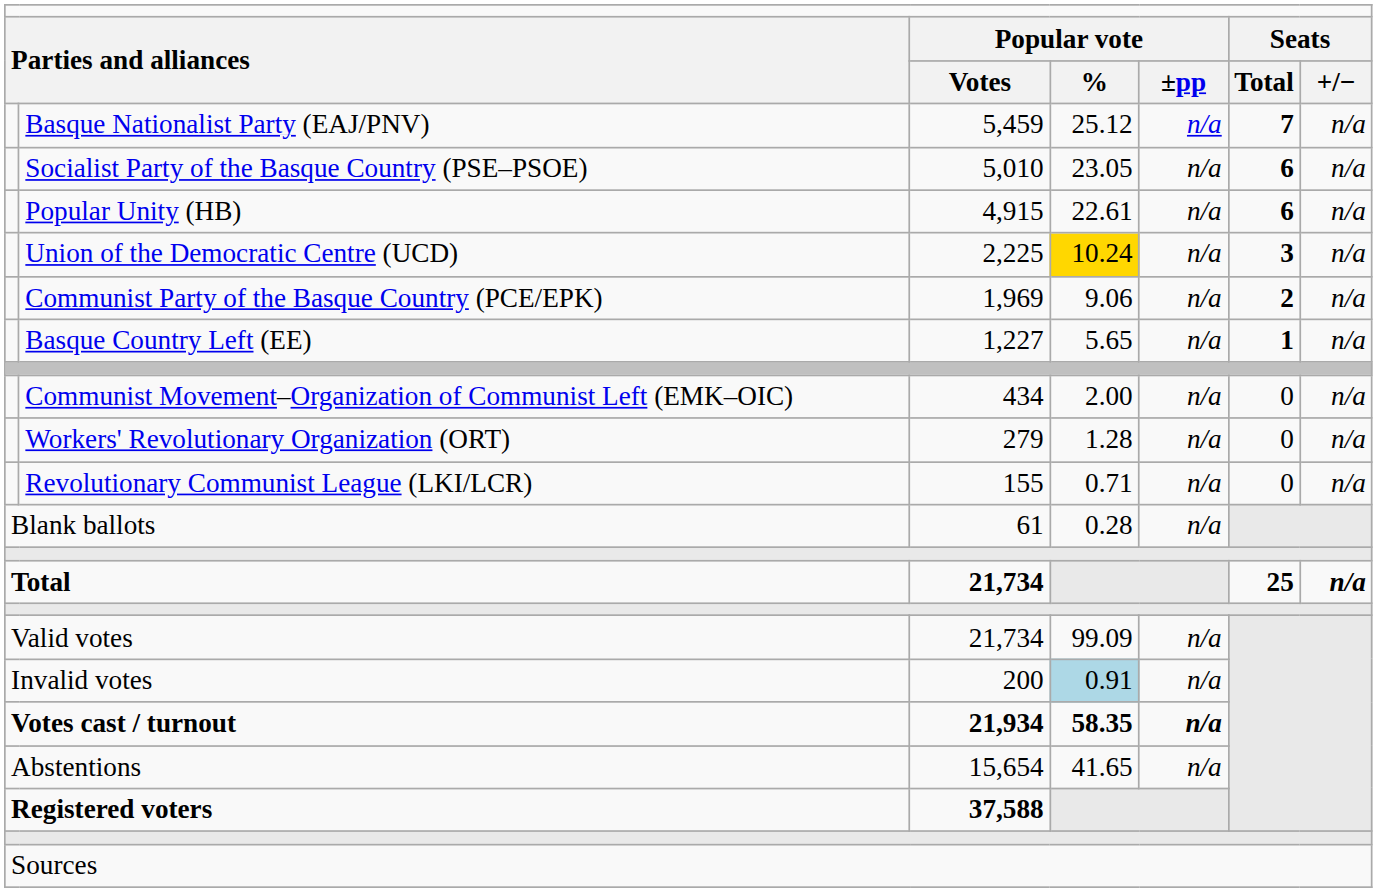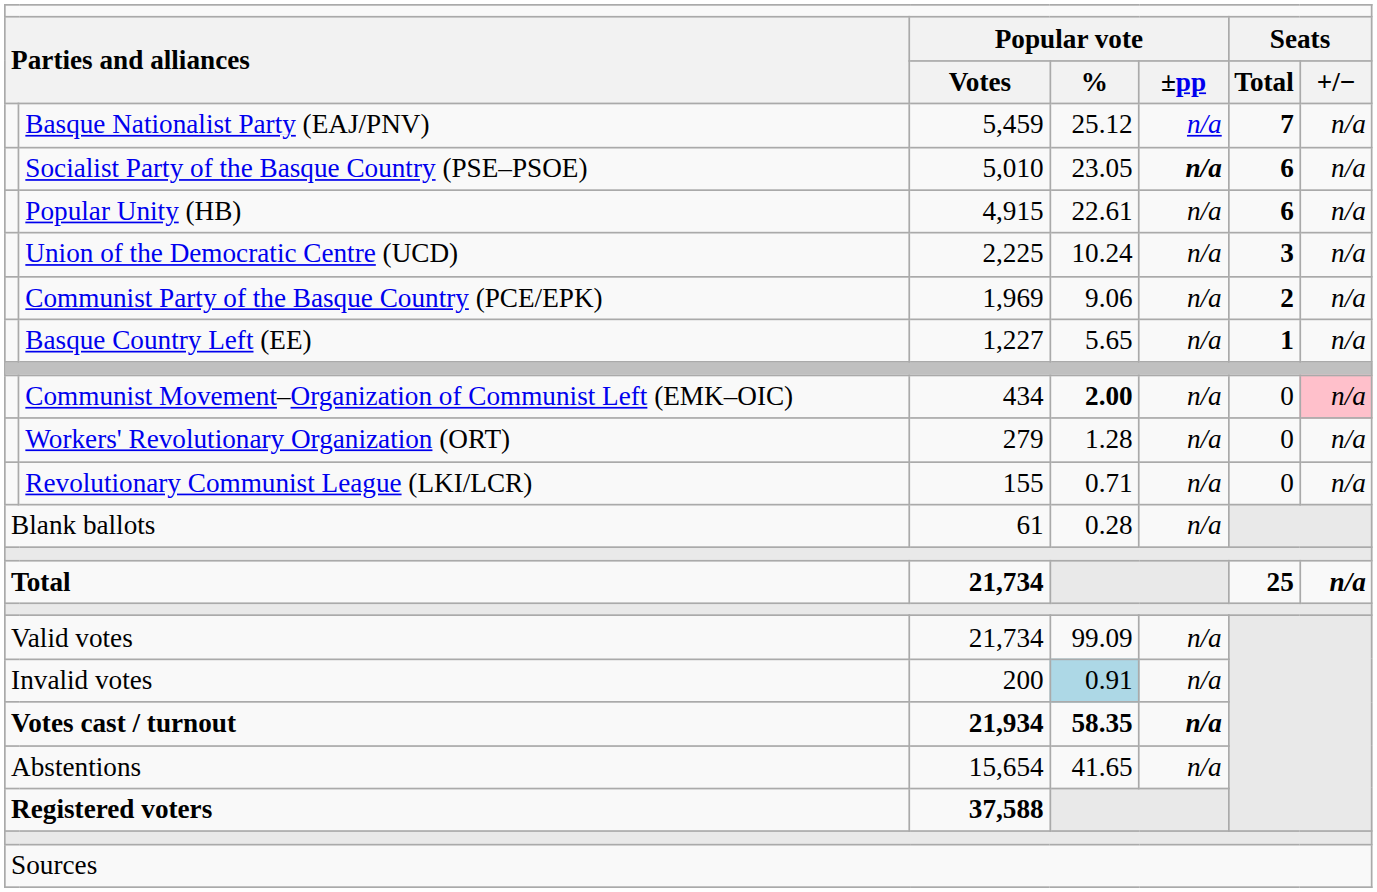 <table class="wikitable" style="text-align:right;">
 <tr>
 <td colspan="7"></td>
 </tr>
 <tr>
 <th style="text-align:left;" rowspan="2" colspan="2" width="525">Parties and alliances</th>
 <th colspan="3">Popular vote</th>
 <th colspan="2">Seats</th>
 </tr>
 <tr>
 <th width="75">Votes</th>
 <th width="45">%</th>
 <th width="45">±<a href='#'>pp</a></th>
 <th width="35">Total</th>
 <th width="35">+/−</th>
 </tr>
 <tr>
 <td width="1" style="color:inherit;background:"></td>
 <td align="left"><a href='#'>Basque Nationalist Party</a> (EAJ/PNV)</td>
 <td>5,459</td>
 <td>25.12</td>
 <td><em><a href='#'>n/a</a></em></td>
 <td><strong>7</strong></td>
 <td><em>n/a</em></td>
 </tr>
 <tr>
 <td style="color:inherit;background:"></td>
 <td align="left"><a href='#'>Socialist Party of the Basque Country</a> (PSE–PSOE)</td>
 <td>5,010</td>
 <td>23.05</td>
-<td><em>n/a</em></td>
+<td><strong><em>n/a</em></strong></td>
 <td><strong>6</strong></td>
 <td><em>n/a</em></td>
 </tr>
 <tr>
 <td style="color:inherit;background:"></td>
 <td align="left"><a href='#'>Popular Unity</a> (HB)</td>
 <td>4,915</td>
 <td>22.61</td>
 <td><em>n/a</em></td>
 <td><strong>6</strong></td>
 <td><em>n/a</em></td>
 </tr>
 <tr>
 <td style="color:inherit;background:"></td>
 <td align="left"><a href='#'>Union of the Democratic Centre</a> (UCD)</td>
 <td>2,225</td>
-<td style="background: gold;">10.24</td>
+<td>10.24</td>
 <td><em>n/a</em></td>
 <td><strong>3</strong></td>
 <td><em>n/a</em></td>
 </tr>
 <tr>
 <td style="color:inherit;background:"></td>
 <td align="left"><a href='#'>Communist Party of the Basque Country</a> (PCE/EPK)</td>
 <td>1,969</td>
 <td>9.06</td>
 <td><em>n/a</em></td>
 <td><strong>2</strong></td>
 <td><em>n/a</em></td>
 </tr>
 <tr>
 <td style="color:inherit;background:"></td>
 <td align="left"><a href='#'>Basque Country Left</a> (EE)</td>
 <td>1,227</td>
 <td>5.65</td>
 <td><em>n/a</em></td>
 <td><strong>1</strong></td>
 <td><em>n/a</em></td>
 </tr>
 <tr>
 <td colspan="7" bgcolor="#C0C0C0"></td>
 </tr>
 <tr>
 <td style="color:inherit;background:"></td>
 <td align="left"><a href='#'>Communist Movement</a>–<a href='#'>Organization of Communist Left</a> (EMK–OIC)</td>
 <td>434</td>
-<td>2.00</td>
+<td><strong>2.00</strong></td>
 <td><em>n/a</em></td>
 <td>0</td>
-<td><em>n/a</em></td>
+<td style="background: pink;"><em>n/a</em></td>
 </tr>
 <tr>
 <td style="color:inherit;background:"></td>
 <td align="left"><a href='#'>Workers' Revolutionary Organization</a> (ORT)</td>
 <td>279</td>
 <td>1.28</td>
 <td><em>n/a</em></td>
 <td>0</td>
 <td><em>n/a</em></td>
 </tr>
 <tr>
 <td style="color:inherit;background:"></td>
 <td align="left"><a href='#'>Revolutionary Communist League</a> (LKI/LCR)</td>
 <td>155</td>
 <td>0.71</td>
 <td><em>n/a</em></td>
 <td>0</td>
 <td><em>n/a</em></td>
 </tr>
 <tr>
 <td align="left" colspan="2">Blank ballots</td>
 <td>61</td>
 <td>0.28</td>
 <td><em>n/a</em></td>
 <td bgcolor="#E9E9E9" colspan="2"></td>
 </tr>
 <tr>
 <td colspan="7" bgcolor="#E9E9E9"></td>
 </tr>
 <tr style="font-weight:bold;">
 <td align="left" colspan="2">Total</td>
 <td>21,734</td>
 <td bgcolor="#E9E9E9" colspan="2"></td>
 <td>25</td>
 <td><em>n/a</em></td>
 </tr>
 <tr>
 <td colspan="7" bgcolor="#E9E9E9"></td>
 </tr>
 <tr>
 <td align="left" colspan="2">Valid votes</td>
 <td>21,734</td>
 <td>99.09</td>
 <td><em>n/a</em></td>
 <td bgcolor="#E9E9E9" colspan="2" rowspan="5"></td>
 </tr>
 <tr>
 <td align="left" colspan="2">Invalid votes</td>
 <td>200</td>
 <td style="background: lightblue;">0.91</td>
 <td><em>n/a</em></td>
 </tr>
 <tr style="font-weight:bold;">
 <td align="left" colspan="2">Votes cast / turnout</td>
 <td>21,934</td>
 <td>58.35</td>
 <td><em>n/a</em></td>
 </tr>
 <tr>
 <td align="left" colspan="2">Abstentions</td>
 <td>15,654</td>
 <td>41.65</td>
 <td><em>n/a</em></td>
 </tr>
 <tr style="font-weight:bold;">
 <td align="left" colspan="2">Registered voters</td>
 <td>37,588</td>
 <td bgcolor="#E9E9E9" colspan="2"></td>
 </tr>
 <tr>
 <td colspan="7" bgcolor="#E9E9E9"></td>
 </tr>
 <tr>
 <td align="left" colspan="7">Sources</td>
 </tr>
 </table>
